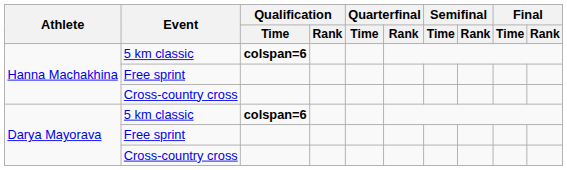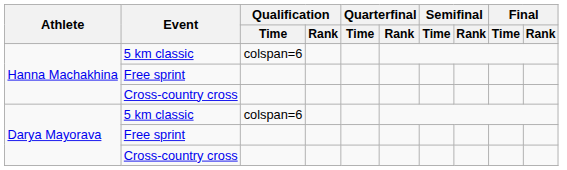 <table class="wikitable" style="font-size:90%">
 <tr>
 <th rowspan="2">Athlete</th>
 <th rowspan="2">Event</th>
 <th colspan="2">Qualification</th>
 <th colspan="2">Quarterfinal</th>
 <th colspan="2">Semifinal</th>
 <th colspan="2">Final</th>
 </tr>
 <tr style="font-size:95%">
 <th>Time</th>
 <th>Rank</th>
 <th>Time</th>
 <th>Rank</th>
 <th>Time</th>
 <th>Rank</th>
 <th>Time</th>
 <th>Rank</th>
 </tr>
 <tr align=center>
 <td align=left rowspan=3><a href='#'>Hanna Machakhina</a></td>
 <td align=left><a href='#'>5 km classic</a></td>
-<td><strong>colspan=6 </strong></td>
+<td>colspan=6 </td>
 <td></td>
 <td></td>
 </tr>
 <tr align=center>
 <td align=left><a href='#'>Free sprint</a></td>
 <td></td>
 <td></td>
 <td></td>
 <td></td>
 <td></td>
 <td></td>
 <td></td>
 <td></td>
 </tr>
 <tr align=center>
 <td align=left><a href='#'>Cross-country cross</a></td>
 <td></td>
 <td></td>
 <td></td>
 <td></td>
 <td></td>
 <td></td>
 <td></td>
 <td></td>
 </tr>
 <tr align=center>
 <td align=left rowspan=3><a href='#'>Darya Mayorava</a></td>
 <td align=left><a href='#'>5 km classic</a></td>
-<td><strong>colspan=6 </strong></td>
+<td>colspan=6 </td>
 <td></td>
 <td></td>
 </tr>
 <tr align=center>
 <td align=left><a href='#'>Free sprint</a></td>
 <td></td>
 <td></td>
 <td></td>
 <td></td>
 <td></td>
 <td></td>
 <td></td>
 <td></td>
 </tr>
 <tr align=center>
 <td align=left><a href='#'>Cross-country cross</a></td>
 <td></td>
 <td></td>
 <td></td>
 <td></td>
 <td></td>
 <td></td>
 <td></td>
 <td></td>
 </tr>
 </table>
